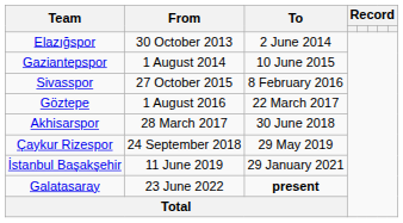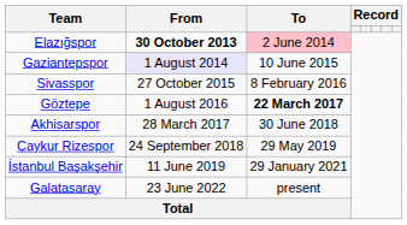 <table class="wikitable" style="text-align: center">
 <tr>
 <th rowspan="2">Team</th>
 <th rowspan="2">From</th>
 <th rowspan="2">To</th>
 <th colspan="8">Record</th>
 </tr>
 <tr>
 <th></th>
 <th></th>
 <th></th>
 <th></th>
 <th></th>
 </tr>
 <tr>
 <td align="center"><a href='#'>Elazığspor</a></td>
-<td align="center">30 October 2013</td>
-<td align="center">2 June 2014<br></td>
+<td align="center"><strong>30 October 2013</strong></td>
+<td align="center" style="background: pink;">2 June 2014<br></td>
 </tr>
 <tr>
 <td align="center"><a href='#'>Gaziantepspor</a></td>
-<td align="center">1 August 2014</td>
+<td align="center" style="background: lavender;">1 August 2014</td>
 <td align="center">10 June 2015<br></td>
 </tr>
 <tr>
 <td align="center"><a href='#'>Sivasspor</a></td>
 <td align="center">27 October 2015</td>
 <td align="center">8 February 2016<br></td>
 </tr>
 <tr>
 <td align="center"><a href='#'>Göztepe</a></td>
 <td align="center">1 August 2016</td>
-<td align="center">22 March 2017<br></td>
+<td align="center"><strong>22 March 2017<br></strong></td>
 </tr>
 <tr>
 <td align="center"><a href='#'>Akhisarspor</a></td>
 <td align="center">28 March 2017</td>
 <td align="center">30 June 2018<br></td>
 </tr>
 <tr>
 <td align="center"><a href='#'>Çaykur Rizespor</a></td>
 <td align="center">24 September 2018</td>
 <td align="center">29 May 2019<br></td>
 </tr>
 <tr>
 <td align="center"><a href='#'>İstanbul Başakşehir</a></td>
 <td align="center">11 June 2019</td>
 <td align="center">29 January 2021<br></td>
 </tr>
 <tr>
 <td align="center"><a href='#'>Galatasaray</a></td>
 <td align="center">23 June 2022</td>
-<td align="center"><strong>present<br></strong></td>
+<td align="center">present<br></td>
 </tr>
 <tr>
 <th colspan="3">Total<br></th>
 </tr>
 </table>
